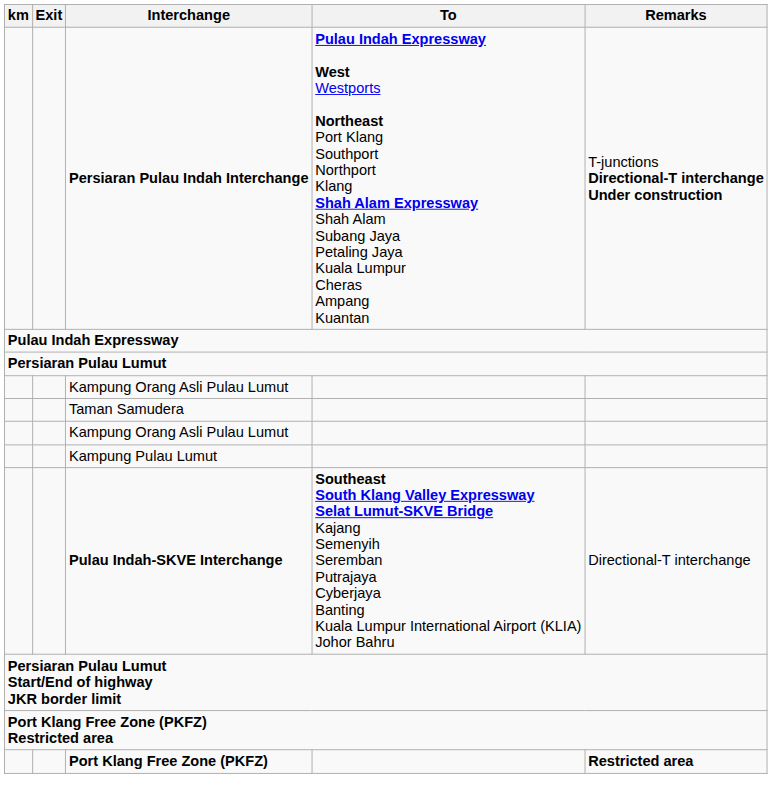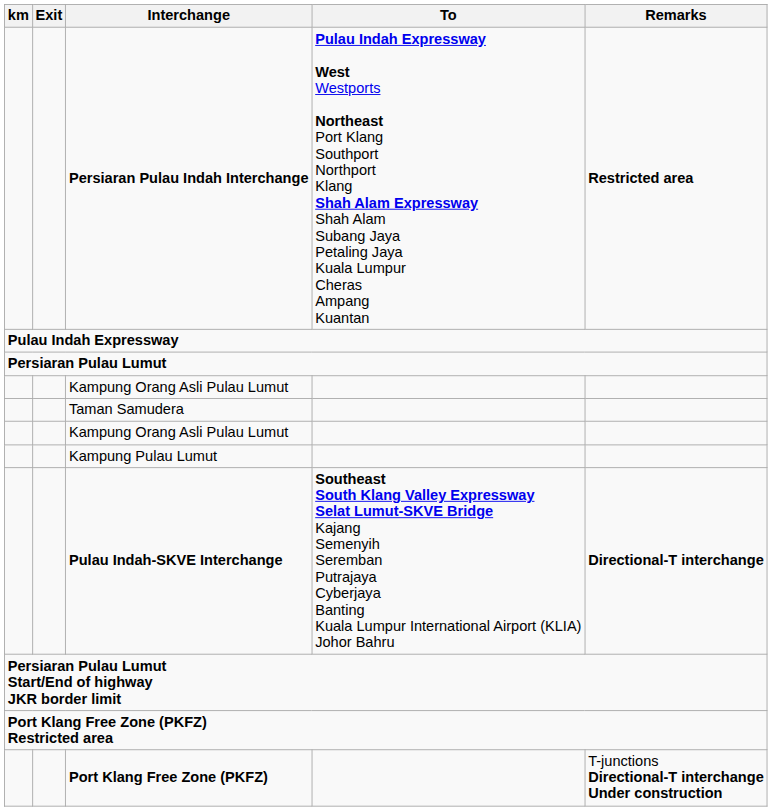 <table class="wikitable">
 <tr>
 <th>km</th>
 <th>Exit</th>
 <th>Interchange</th>
 <th>To</th>
 <th>Remarks</th>
 </tr>
 <tr>
 <td></td>
 <td></td>
 <td><strong>Persiaran Pulau Indah Interchange</strong></td>
 <td> <strong><a href='#'>Pulau Indah Expressway</a></strong><br><br><strong>West</strong><br><a href='#'>Westports</a> <br><br><strong>Northeast</strong><br>Port Klang<br>Southport <br>Northport <br>Klang<br> <strong><a href='#'>Shah Alam Expressway</a></strong><br>Shah Alam<br>Subang Jaya<br>Petaling Jaya<br>Kuala Lumpur<br>Cheras<br>Ampang<br>Kuantan</td>
-<td>T-junctions<br><strong>Directional-T interchange<br>Under construction</strong></td>
+<td><strong><span>Restricted area</span></strong></td>
 </tr>
 <tr>
 <td style="width:600px" colspan="6" style="text-align:center; background:blue;"><strong><span> Pulau Indah Expressway</span></strong></td>
 </tr>
 <tr>
 <td style="width:600px" colspan="6" style="text-align:center; background:blue;"><strong><span>Persiaran Pulau Lumut</span></strong></td>
 </tr>
 <tr>
 <td></td>
 <td></td>
 <td>Kampung Orang Asli Pulau Lumut</td>
 <td></td>
 <td></td>
 </tr>
 <tr>
 <td></td>
 <td></td>
 <td>Taman Samudera</td>
 <td></td>
 <td></td>
 </tr>
 <tr>
 <td></td>
 <td></td>
 <td>Kampung Orang Asli Pulau Lumut</td>
 <td></td>
 <td></td>
 </tr>
 <tr>
 <td></td>
 <td></td>
 <td>Kampung Pulau Lumut</td>
 <td></td>
 <td></td>
 </tr>
 <tr>
 <td></td>
 <td></td>
 <td><strong>Pulau Indah-SKVE Interchange</strong></td>
 <td><strong>Southeast</strong><br> <strong><a href='#'>South Klang Valley Expressway</a></strong><br><strong><a href='#'>Selat Lumut-SKVE Bridge</a></strong><br> Kajang<br> Semenyih<br>  Seremban<br> Putrajaya<br> Cyberjaya<br> Banting<br>  Kuala Lumpur International Airport (KLIA) <br>  Johor Bahru</td>
-<td>Directional-T interchange</td>
+<td><strong>Directional-T interchange</strong></td>
 </tr>
 <tr>
 <td style="width:600px" colspan="6" style="text-align:center; background:blue;"><strong><span>Persiaran Pulau Lumut<br>Start/End of highway<br>JKR border limit</span></strong></td>
 </tr>
 <tr>
 <td style="width:600px" colspan="6" style="text-align:center; background:green;"><strong><span>Port Klang Free Zone (PKFZ)</span><br><span>Restricted area</span></strong></td>
 </tr>
 <tr>
 <td></td>
 <td></td>
 <td><strong>Port Klang Free Zone (PKFZ)</strong></td>
 <td></td>
-<td><strong><span>Restricted area</span></strong></td>
+<td>T-junctions<br><strong>Directional-T interchange<br>Under construction</strong></td>
 </tr>
 </table>
